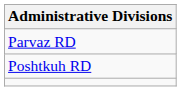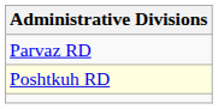 <table class="wikitable">
 <tr>
 <th>Administrative Divisions</th>
 </tr>
 <tr>
 <td><a href='#'>Parvaz RD</a></td>
 </tr>
 <tr>
-<td><a href='#'>Poshtkuh RD</a></td>
+<td style="background: lightyellow;"><a href='#'>Poshtkuh RD</a></td>
 </tr>
 <tr>
 <td colspan=1></td>
 </tr>
 </table>
